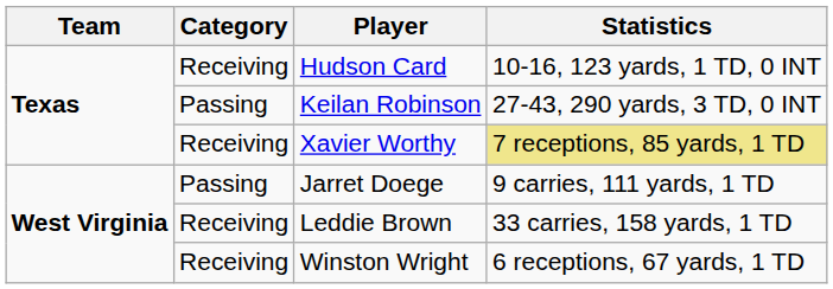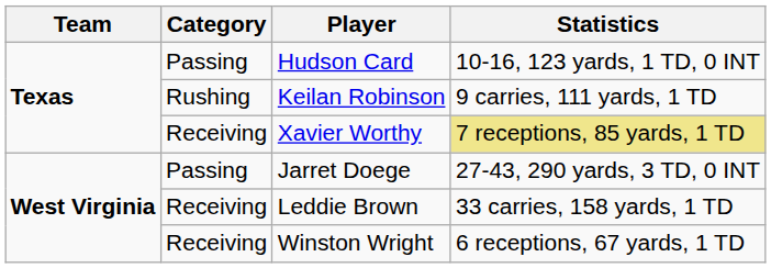 <table class="wikitable" style="float: right;">
 <tr>
 <th>Team</th>
 <th>Category</th>
 <th>Player</th>
 <th>Statistics</th>
 </tr>
 <tr>
 <td rowspan=3><strong>Texas</strong></td>
-<td>Receiving</td>
+<td>Passing</td>
 <td><a href='#'>Hudson Card</a></td>
 <td>10-16, 123 yards, 1 TD, 0 INT</td>
 </tr>
 <tr>
-<td>Passing</td>
+<td>Rushing</td>
 <td><a href='#'>Keilan Robinson</a></td>
-<td>27-43, 290 yards, 3 TD, 0 INT</td>
+<td>9 carries, 111 yards, 1 TD</td>
 </tr>
 <tr>
 <td>Receiving</td>
 <td><a href='#'>Xavier Worthy</a></td>
 <td style="background: khaki;">7 receptions, 85 yards, 1 TD</td>
 </tr>
 <tr>
 <td rowspan=3><strong>West Virginia</strong></td>
 <td>Passing</td>
 <td>Jarret Doege</td>
-<td>9 carries, 111 yards, 1 TD</td>
+<td>27-43, 290 yards, 3 TD, 0 INT</td>
 </tr>
 <tr>
 <td>Receiving</td>
 <td>Leddie Brown</td>
 <td>33 carries, 158 yards, 1 TD</td>
 </tr>
 <tr>
 <td>Receiving</td>
 <td>Winston Wright</td>
 <td>6 receptions, 67 yards, 1 TD</td>
 </tr>
 </table>
